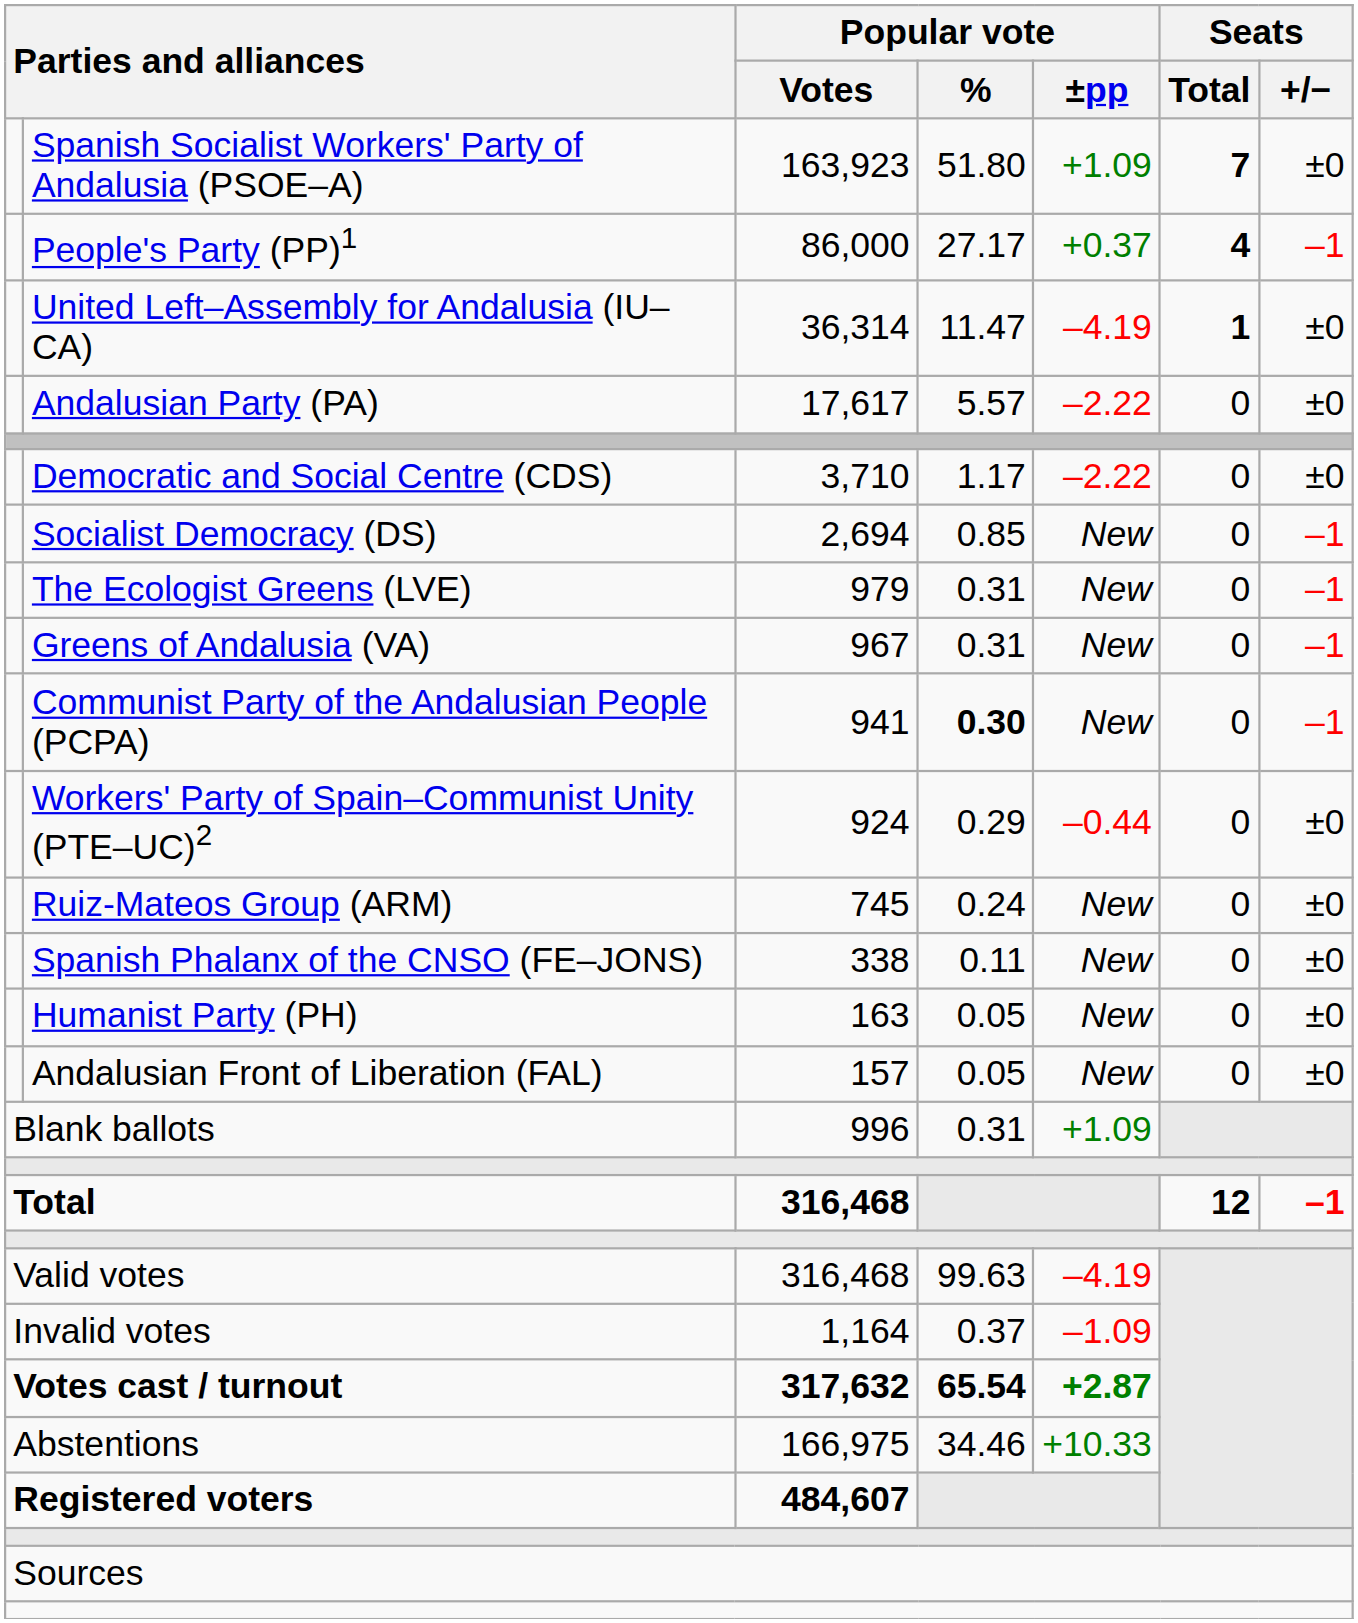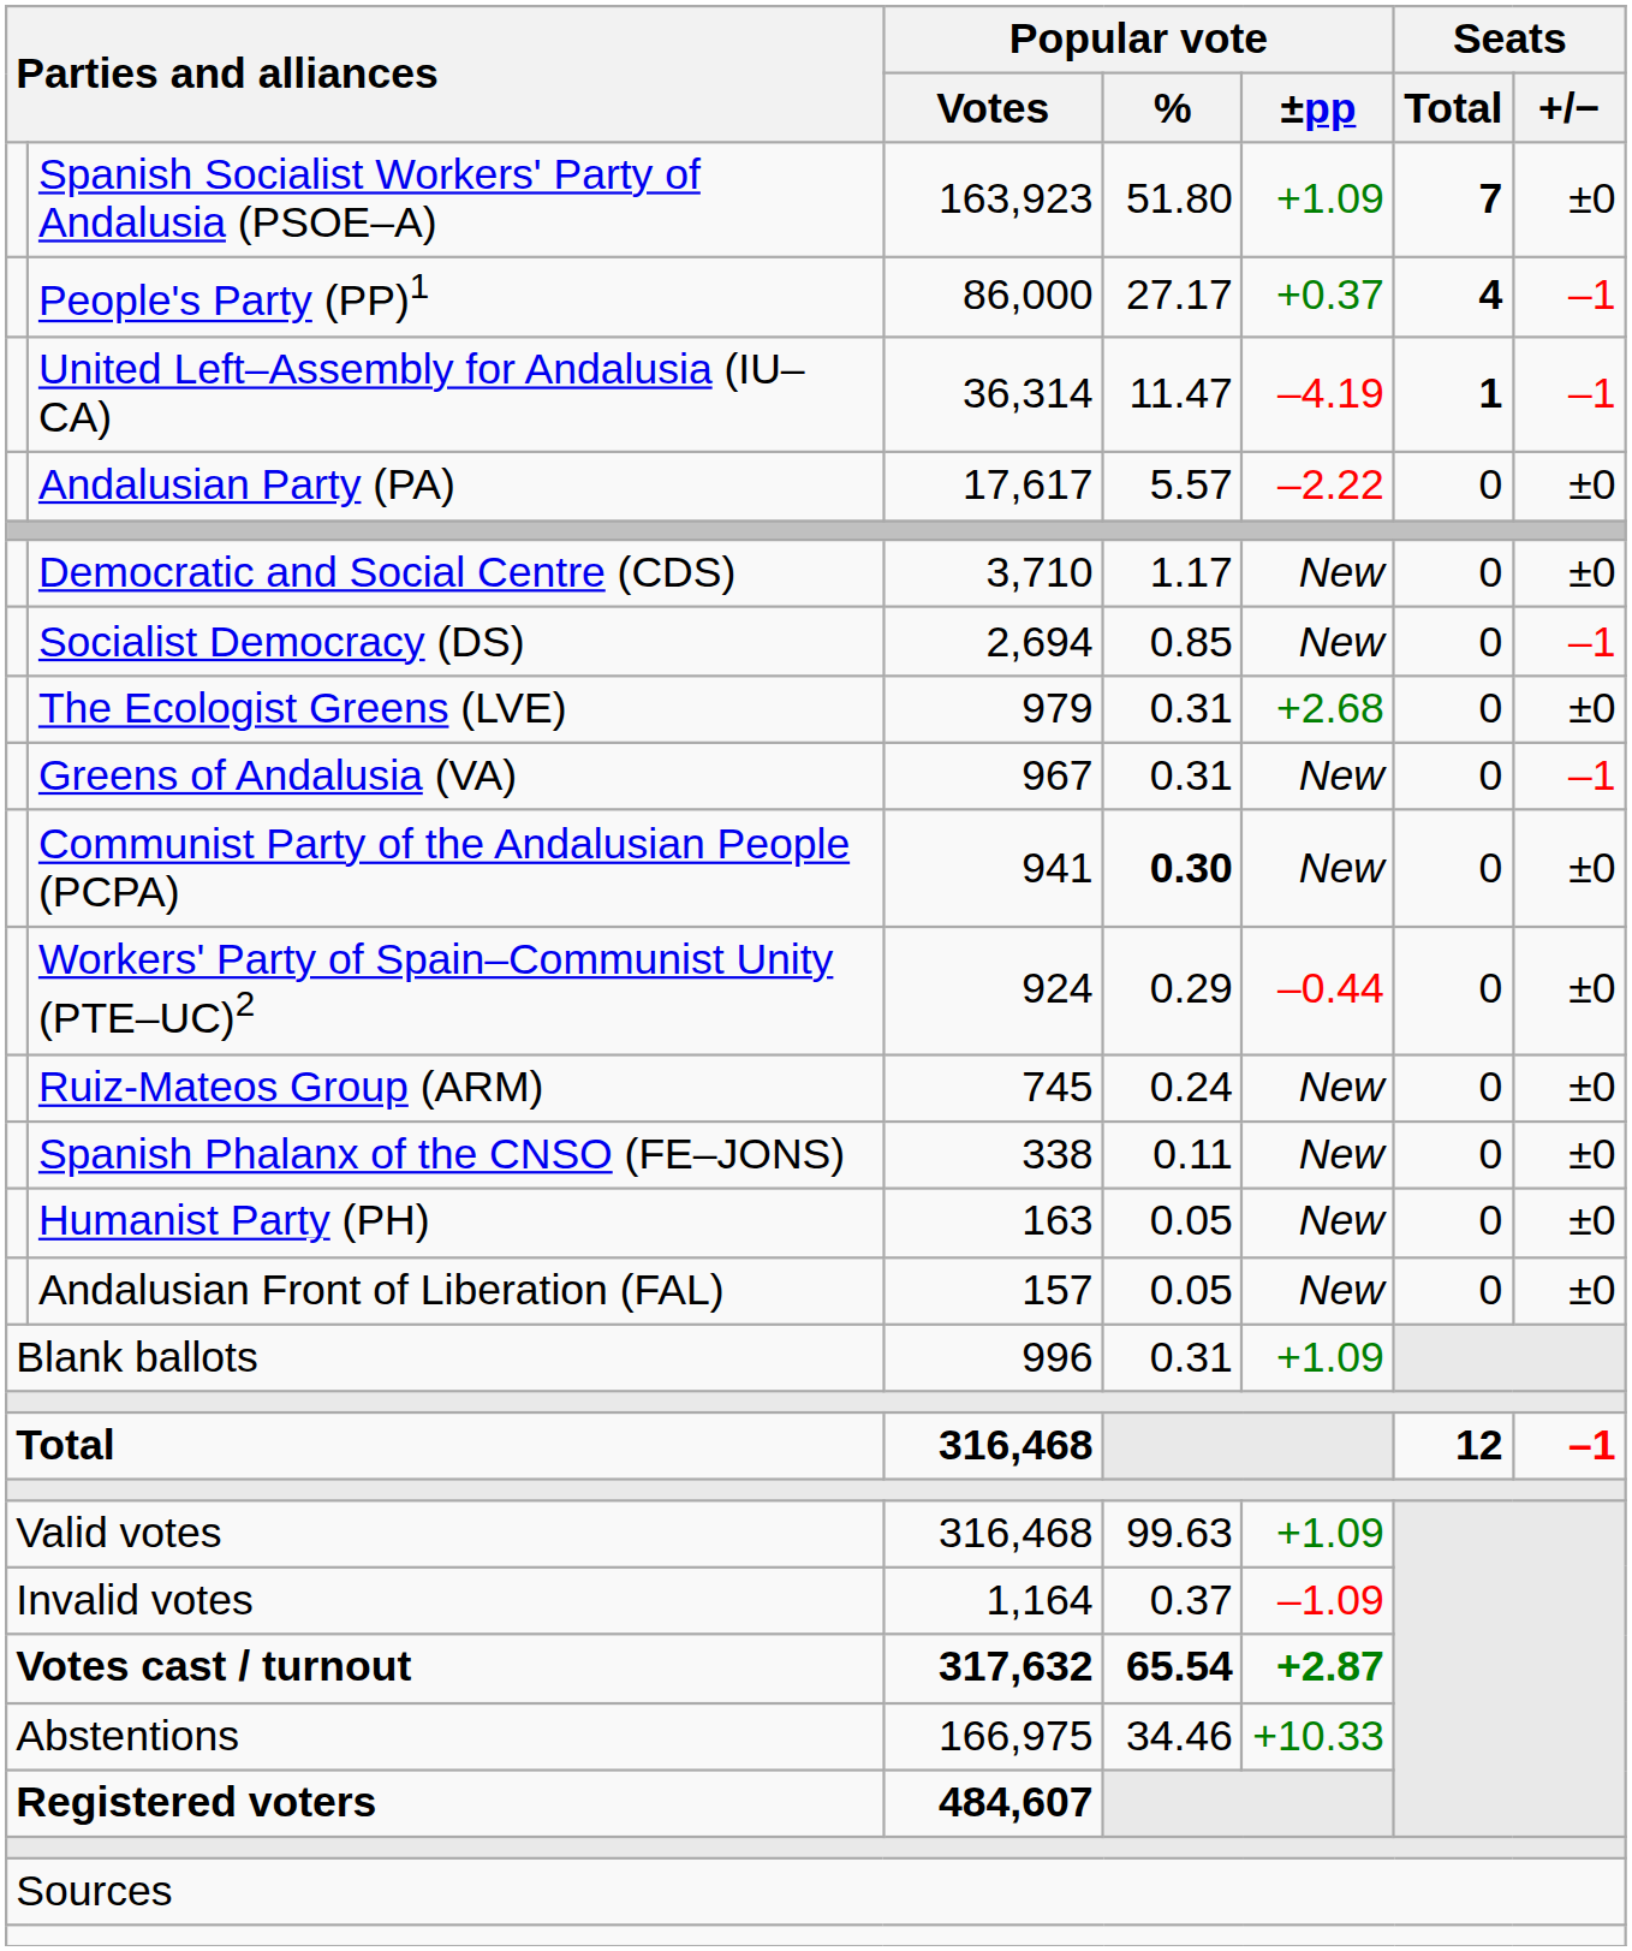 <table class="wikitable" style="text-align:right;">
 <tr>
 <th style="text-align:left;" rowspan="2" colspan="2" width="525">Parties and alliances</th>
 <th colspan="3">Popular vote</th>
 <th colspan="2">Seats</th>
 </tr>
 <tr>
 <th width="75">Votes</th>
 <th width="45">%</th>
 <th width="45">±<a href='#'>pp</a></th>
 <th width="35">Total</th>
 <th width="35">+/−</th>
 </tr>
 <tr>
 <td width="1" style="color:inherit;background:"></td>
 <td align="left"><a href='#'>Spanish Socialist Workers' Party of Andalusia</a> (PSOE–A)</td>
 <td>163,923</td>
 <td>51.80</td>
 <td style="color:green;">+1.09</td>
 <td><strong>7</strong></td>
 <td>±0</td>
 </tr>
 <tr>
 <td style="color:inherit;background:"></td>
 <td align="left"><a href='#'>People's Party</a> (PP)<sup>1</sup></td>
 <td>86,000</td>
 <td>27.17</td>
 <td style="color:green;">+0.37</td>
 <td><strong>4</strong></td>
 <td style="color:red;">–1</td>
 </tr>
 <tr>
 <td style="color:inherit;background:"></td>
 <td align="left"><a href='#'>United Left–Assembly for Andalusia</a> (IU–CA)</td>
 <td>36,314</td>
 <td>11.47</td>
 <td style="color:red;">–4.19</td>
 <td><strong>1</strong></td>
-<td>±0</td>
+<td style="color:red;">–1</td>
 </tr>
 <tr>
 <td style="color:inherit;background:"></td>
 <td align="left"><a href='#'>Andalusian Party</a> (PA)</td>
 <td>17,617</td>
 <td>5.57</td>
 <td style="color:red;">–2.22</td>
 <td>0</td>
 <td>±0</td>
 </tr>
 <tr>
 <td colspan="7" bgcolor="#C0C0C0"></td>
 </tr>
 <tr>
 <td style="color:inherit;background:"></td>
 <td align="left"><a href='#'>Democratic and Social Centre</a> (CDS)</td>
 <td>3,710</td>
 <td>1.17</td>
-<td style="color:red;">–2.22</td>
+<td><em>New</em></td>
 <td>0</td>
 <td>±0</td>
 </tr>
 <tr>
 <td style="color:inherit;background:"></td>
 <td align="left"><a href='#'>Socialist Democracy</a> (DS)</td>
 <td>2,694</td>
 <td>0.85</td>
 <td><em>New</em></td>
 <td>0</td>
 <td style="color:red;">–1</td>
 </tr>
 <tr>
 <td style="color:inherit;background:"></td>
 <td align="left"><a href='#'>The Ecologist Greens</a> (LVE)</td>
 <td>979</td>
 <td>0.31</td>
-<td><em>New</em></td>
+<td style="color:green;">+2.68</td>
 <td>0</td>
-<td style="color:red;">–1</td>
+<td>±0</td>
 </tr>
 <tr>
 <td style="color:inherit;background:"></td>
 <td align="left"><a href='#'>Greens of Andalusia</a> (VA)</td>
 <td>967</td>
 <td>0.31</td>
 <td><em>New</em></td>
 <td>0</td>
 <td style="color:red;">–1</td>
 </tr>
 <tr>
 <td style="color:inherit;background:"></td>
 <td align="left"><a href='#'>Communist Party of the Andalusian People</a> (PCPA)</td>
 <td>941</td>
 <td><strong>0.30</strong></td>
 <td><em>New</em></td>
 <td>0</td>
-<td style="color:red;">–1</td>
+<td>±0</td>
 </tr>
 <tr>
 <td style="color:inherit;background:"></td>
 <td align="left"><a href='#'>Workers' Party of Spain–Communist Unity</a> (PTE–UC)<sup>2</sup></td>
 <td>924</td>
 <td>0.29</td>
 <td style="color:red;">–0.44</td>
 <td>0</td>
 <td>±0</td>
 </tr>
 <tr>
 <td style="color:inherit;background:"></td>
 <td align="left"><a href='#'>Ruiz-Mateos Group</a> (ARM)</td>
 <td>745</td>
 <td>0.24</td>
 <td><em>New</em></td>
 <td>0</td>
 <td>±0</td>
 </tr>
 <tr>
 <td style="color:inherit;background:"></td>
 <td align="left"><a href='#'>Spanish Phalanx of the CNSO</a> (FE–JONS)</td>
 <td>338</td>
 <td>0.11</td>
 <td><em>New</em></td>
 <td>0</td>
 <td>±0</td>
 </tr>
 <tr>
 <td style="color:inherit;background:"></td>
 <td align="left"><a href='#'>Humanist Party</a> (PH)</td>
 <td>163</td>
 <td>0.05</td>
 <td><em>New</em></td>
 <td>0</td>
 <td>±0</td>
 </tr>
 <tr>
 <td style="color:inherit;background:"></td>
 <td align="left">Andalusian Front of Liberation (FAL)</td>
 <td>157</td>
 <td>0.05</td>
 <td><em>New</em></td>
 <td>0</td>
 <td>±0</td>
 </tr>
 <tr>
 <td align="left" colspan="2">Blank ballots</td>
 <td>996</td>
 <td>0.31</td>
 <td style="color:green;">+1.09</td>
 <td bgcolor="#E9E9E9" colspan="2"></td>
 </tr>
 <tr>
 <td colspan="7" bgcolor="#E9E9E9"></td>
 </tr>
 <tr style="font-weight:bold;">
 <td align="left" colspan="2">Total</td>
 <td>316,468</td>
 <td bgcolor="#E9E9E9" colspan="2"></td>
 <td>12</td>
 <td style="color:red;">–1</td>
 </tr>
 <tr>
 <td colspan="7" bgcolor="#E9E9E9"></td>
 </tr>
 <tr>
 <td align="left" colspan="2">Valid votes</td>
 <td>316,468</td>
 <td>99.63</td>
-<td style="color:red;">–4.19</td>
+<td style="color:green;">+1.09</td>
 <td bgcolor="#E9E9E9" colspan="2" rowspan="5"></td>
 </tr>
 <tr>
 <td align="left" colspan="2">Invalid votes</td>
 <td>1,164</td>
 <td>0.37</td>
 <td style="color:red;">–1.09</td>
 </tr>
 <tr style="font-weight:bold;">
 <td align="left" colspan="2">Votes cast / turnout</td>
 <td>317,632</td>
 <td>65.54</td>
 <td style="color:green;">+2.87</td>
 </tr>
 <tr>
 <td align="left" colspan="2">Abstentions</td>
 <td>166,975</td>
 <td>34.46</td>
 <td style="color:green;">+10.33</td>
 </tr>
 <tr style="font-weight:bold;">
 <td align="left" colspan="2">Registered voters</td>
 <td>484,607</td>
 <td bgcolor="#E9E9E9" colspan="2"></td>
 </tr>
 <tr>
 <td colspan="7" bgcolor="#E9E9E9"></td>
 </tr>
 <tr>
 <td align="left" colspan="7">Sources</td>
 </tr>
 <tr>
 <td colspan="7" style="text-align:left; max-width:790px;"></td>
 </tr>
 </table>
